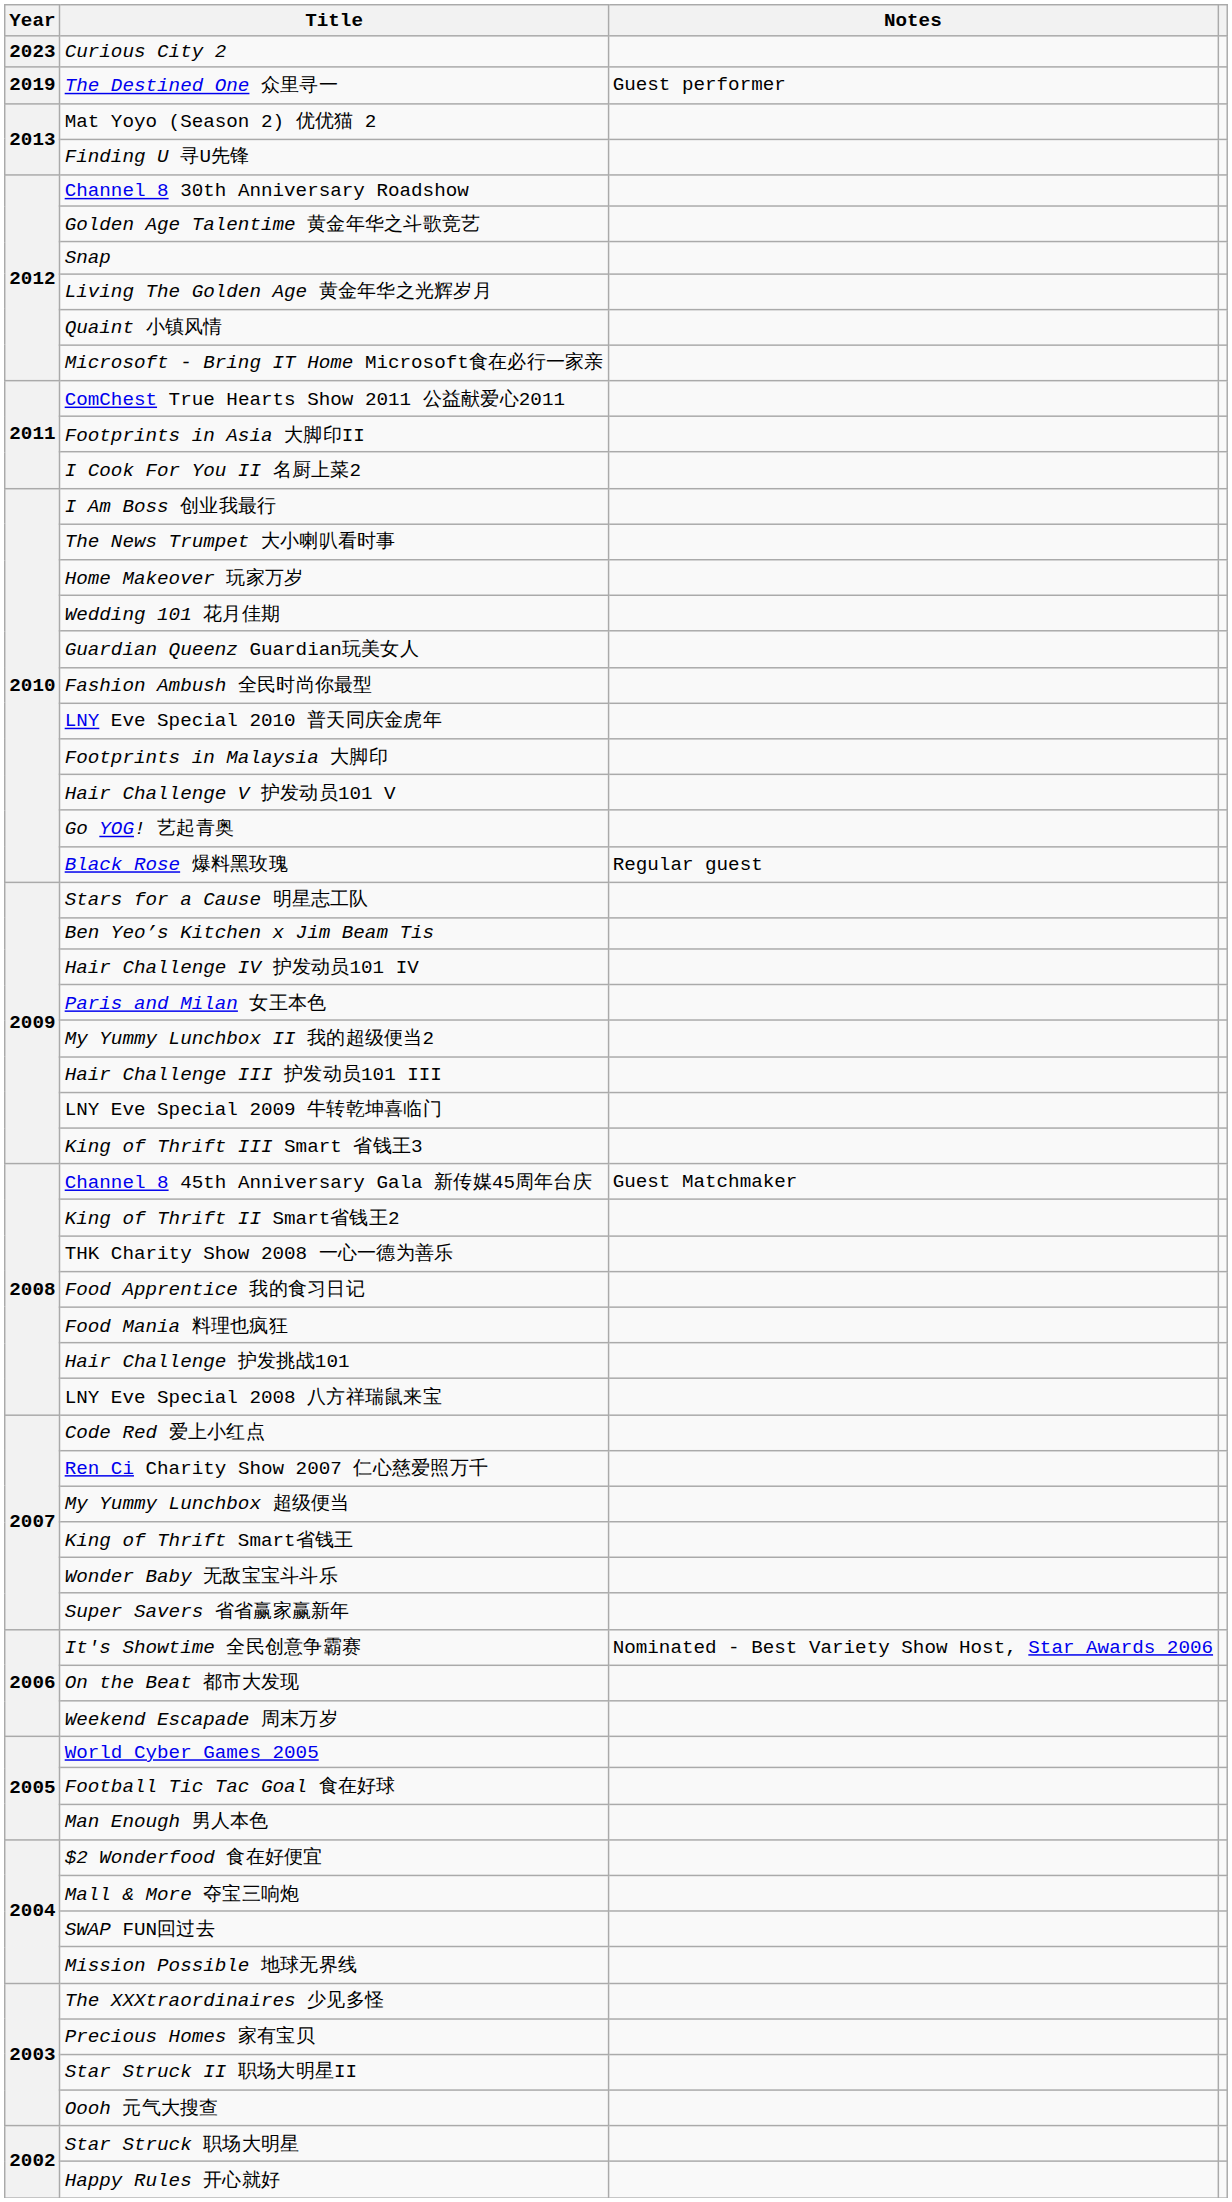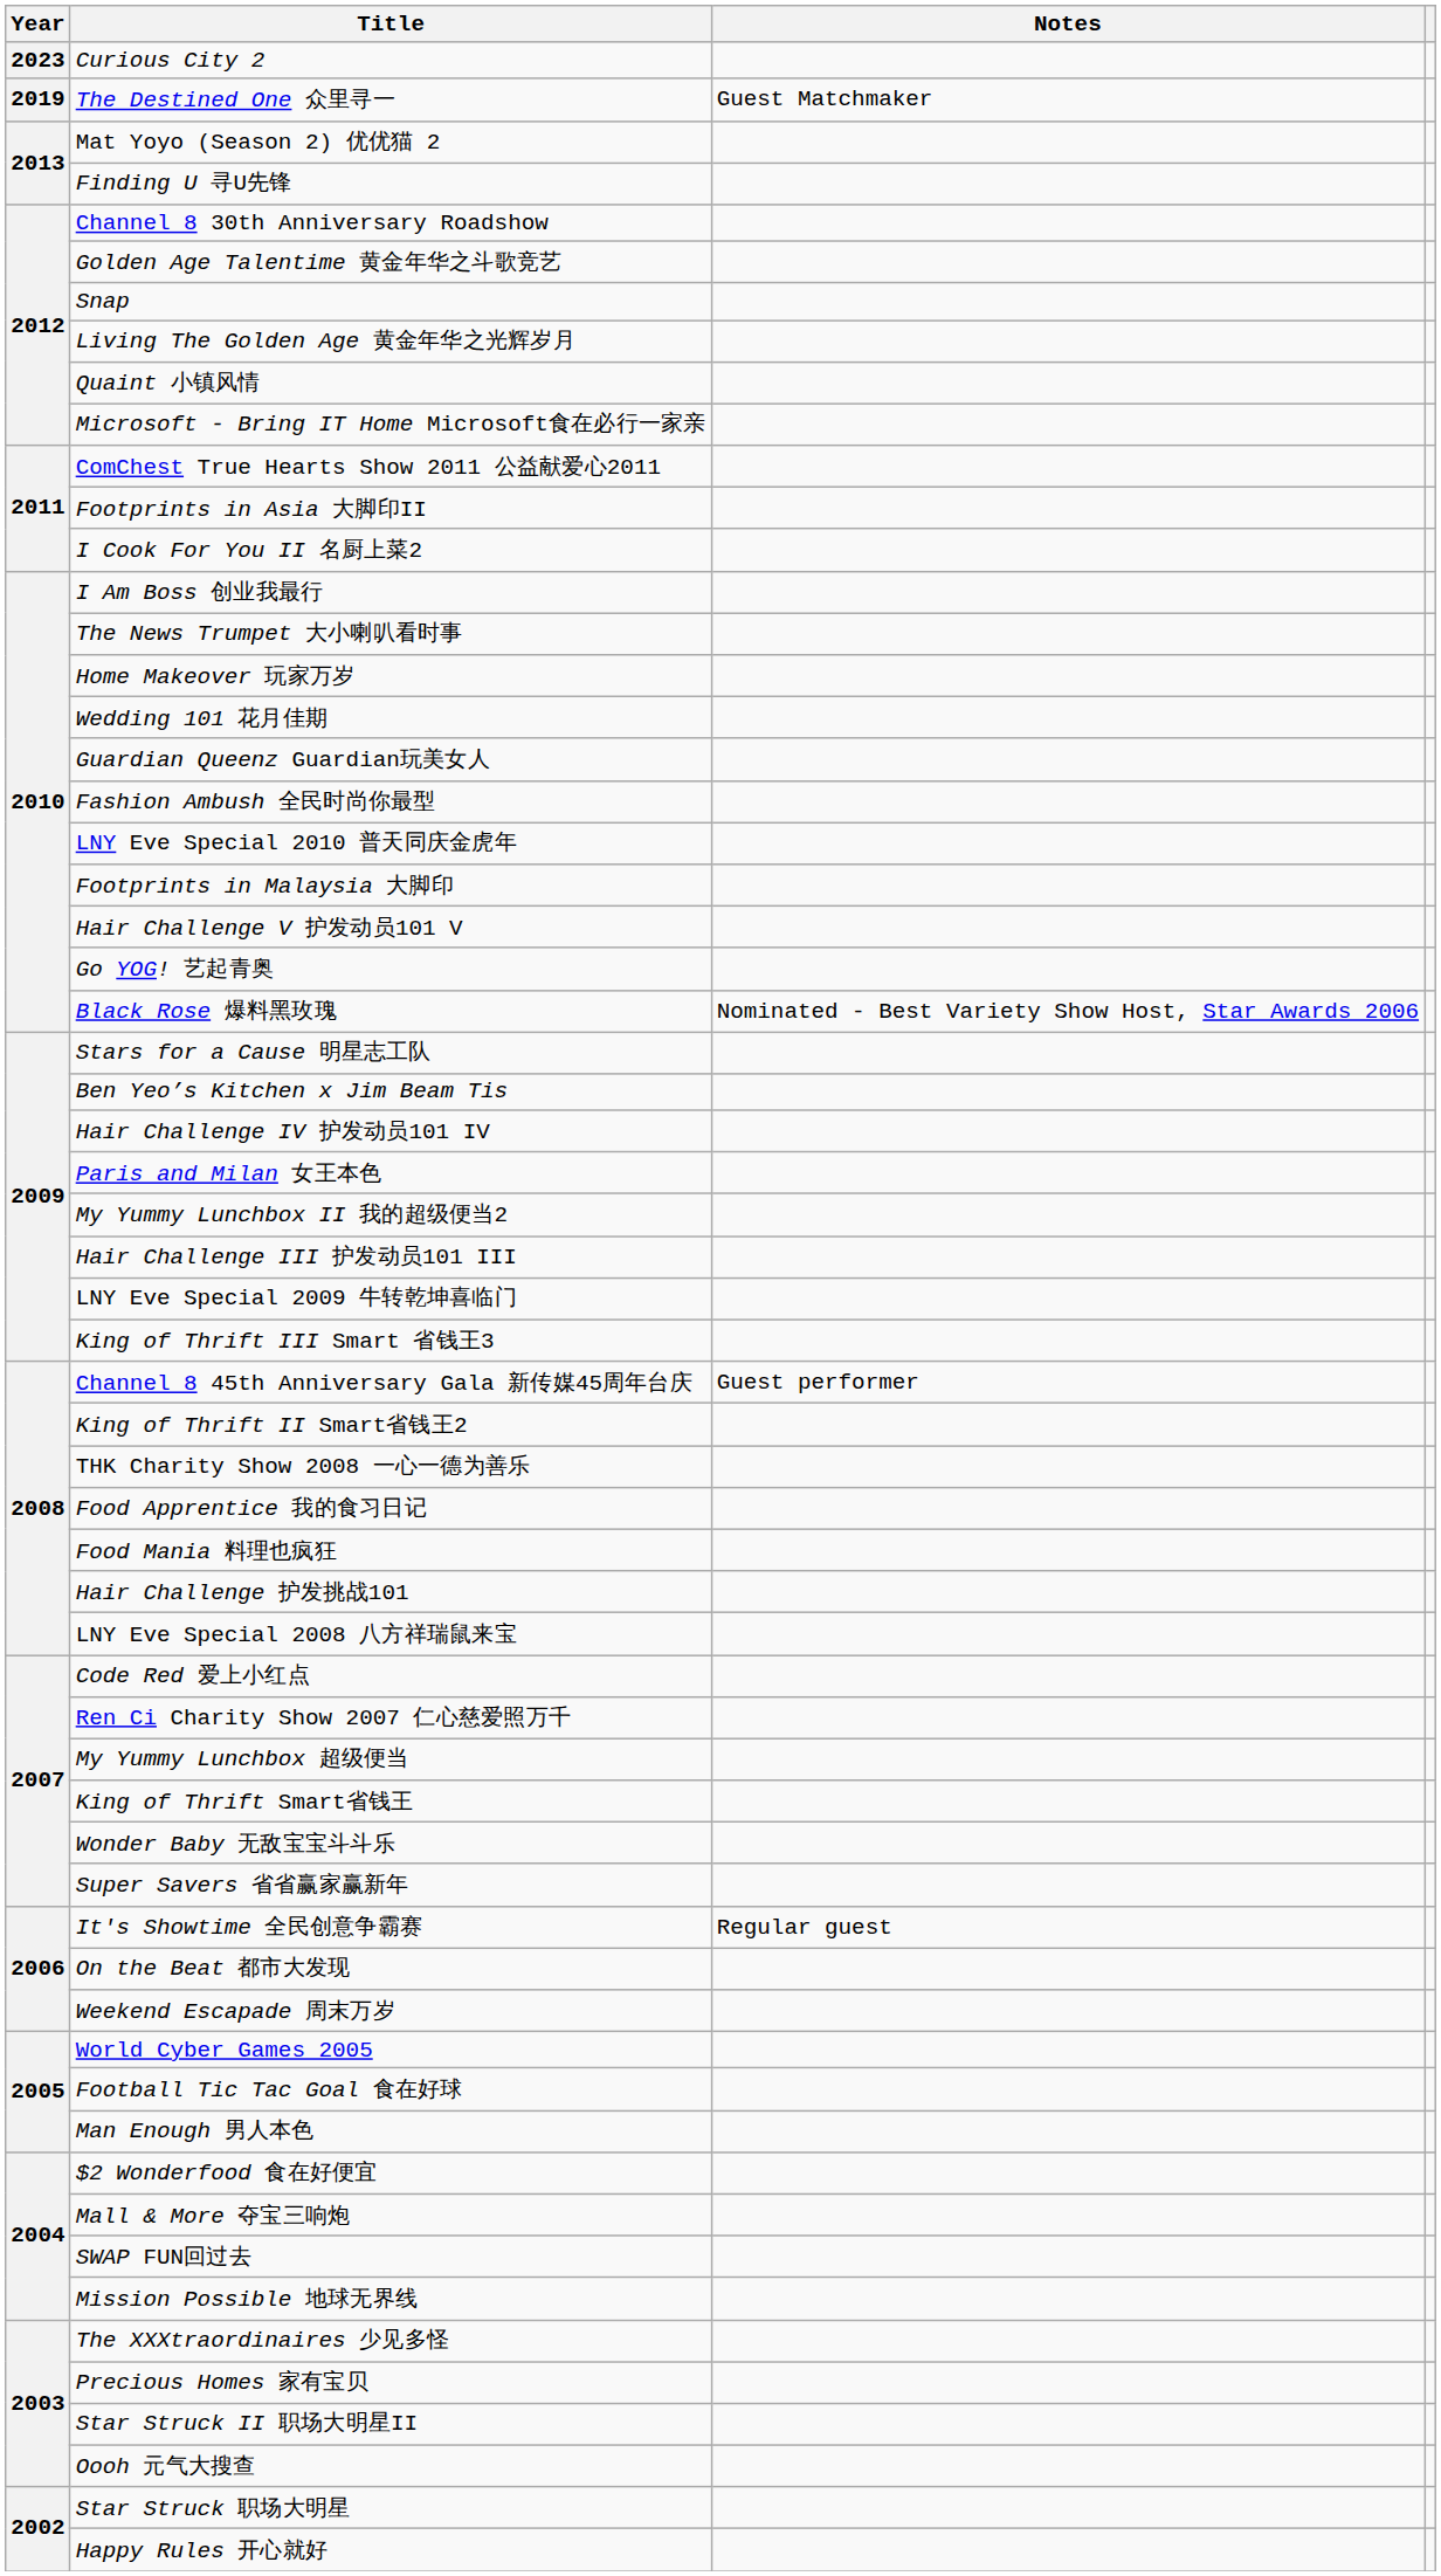 <table class="wikitable sortable plainrowheaders">
 <tr>
 <th scope="col">Year</th>
 <th scope="col">Title</th>
 <th scope="col" class="unsortable">Notes</th>
 <th scope="col" class="unsortable"></th>
 </tr>
 <tr>
 <th scope="row">2023</th>
 <td><em>Curious City 2</em></td>
 <td></td>
 </tr>
 <tr>
 <th scope="row">2019</th>
 <td><em><a href='#'>The Destined One</a></em> 众里寻一</td>
-<td>Guest performer</td>
+<td>Guest Matchmaker</td>
 <td></td>
 </tr>
 <tr>
 <th scope="row" rowspan="2">2013</th>
 <td>Mat Yoyo (Season 2) 优优猫 2</td>
 <td></td>
 <td></td>
 </tr>
 <tr>
 <td><em>Finding U</em> 寻U先锋</td>
 <td></td>
 <td></td>
 </tr>
 <tr>
 <th scope="row" rowspan="6">2012</th>
 <td><a href='#'>Channel 8</a> 30th Anniversary Roadshow</td>
 <td></td>
 <td></td>
 </tr>
 <tr>
 <td><em>Golden Age Talentime</em> 黄金年华之斗歌竞艺</td>
 <td></td>
 <td></td>
 </tr>
 <tr>
 <td><em>Snap</em></td>
 <td></td>
 <td></td>
 </tr>
 <tr>
 <td><em>Living The Golden Age</em> 黄金年华之光辉岁月</td>
 <td></td>
 <td></td>
 </tr>
 <tr>
 <td><em>Quaint</em> 小镇风情</td>
 <td></td>
 <td></td>
 </tr>
 <tr>
 <td><em>Microsoft - Bring IT Home</em> Microsoft食在必行一家亲</td>
 <td></td>
 <td></td>
 </tr>
 <tr>
 <th scope="row" rowspan="3">2011</th>
 <td><a href='#'>ComChest</a> True Hearts Show 2011 公益献爱心2011</td>
 <td></td>
 <td></td>
 </tr>
 <tr>
 <td><em>Footprints in Asia</em> 大脚印II</td>
 <td></td>
 <td></td>
 </tr>
 <tr>
 <td><em>I Cook For You II</em> 名厨上菜2</td>
 <td></td>
 <td></td>
 </tr>
 <tr>
 <th scope="row" rowspan="11">2010</th>
 <td><em>I Am Boss</em> 创业我最行</td>
 <td></td>
 <td></td>
 </tr>
 <tr>
 <td><em>The News Trumpet</em> 大小喇叭看时事</td>
 <td></td>
 <td></td>
 </tr>
 <tr>
 <td><em>Home Makeover</em> 玩家万岁</td>
 <td></td>
 <td></td>
 </tr>
 <tr>
 <td><em>Wedding 101</em> 花月佳期</td>
 <td></td>
 <td></td>
 </tr>
 <tr>
 <td><em>Guardian Queenz</em> Guardian玩美女人</td>
 <td></td>
 <td></td>
 </tr>
 <tr>
 <td><em>Fashion Ambush</em> 全民时尚你最型</td>
 <td></td>
 <td></td>
 </tr>
 <tr>
 <td><a href='#'>LNY</a> Eve Special 2010 普天同庆金虎年</td>
 <td></td>
 <td></td>
 </tr>
 <tr>
 <td><em>Footprints in Malaysia</em> 大脚印</td>
 <td></td>
 <td></td>
 </tr>
 <tr>
 <td><em>Hair Challenge V</em> 护发动员101 V</td>
 <td></td>
 <td></td>
 </tr>
 <tr>
 <td><em>Go <a href='#'>YOG</a>!</em> 艺起青奥</td>
 <td></td>
 <td></td>
 </tr>
 <tr>
 <td><em><a href='#'>Black Rose</a></em> 爆料黑玫瑰</td>
-<td>Regular guest</td>
+<td>Nominated - Best Variety Show Host, <a href='#'>Star Awards 2006</a></td>
 <td></td>
 </tr>
 <tr>
 <th scope="row" rowspan="8">2009</th>
 <td><em>Stars for a Cause</em> 明星志工队</td>
 <td></td>
 <td></td>
 </tr>
 <tr>
 <td><em>Ben Yeo’s Kitchen x Jim Beam Tis</em></td>
 <td></td>
 <td></td>
 </tr>
 <tr>
 <td><em>Hair Challenge IV</em> 护发动员101 IV</td>
 <td></td>
 <td></td>
 </tr>
 <tr>
 <td><em><a href='#'>Paris and Milan</a></em> 女王本色</td>
 <td></td>
 <td></td>
 </tr>
 <tr>
 <td><em>My Yummy Lunchbox II</em> 我的超级便当2</td>
 <td></td>
 <td></td>
 </tr>
 <tr>
 <td><em>Hair Challenge III</em> 护发动员101 III</td>
 <td></td>
 <td></td>
 </tr>
 <tr>
 <td>LNY Eve Special 2009 牛转乾坤喜临门</td>
 <td></td>
 <td></td>
 </tr>
 <tr>
 <td><em>King of Thrift III</em> Smart 省钱王3</td>
 <td></td>
 <td></td>
 </tr>
 <tr>
 <th scope="row" rowspan="7">2008</th>
 <td><a href='#'>Channel 8</a> 45th Anniversary Gala 新传媒45周年台庆</td>
-<td>Guest Matchmaker</td>
+<td>Guest performer</td>
 <td></td>
 </tr>
 <tr>
 <td><em>King of Thrift II</em> Smart省钱王2</td>
 <td></td>
 <td></td>
 </tr>
 <tr>
 <td>THK Charity Show 2008 一心一德为善乐</td>
 <td></td>
 <td></td>
 </tr>
 <tr>
 <td><em>Food Apprentice</em> 我的食习日记</td>
 <td></td>
 <td></td>
 </tr>
 <tr>
 <td><em>Food Mania</em> 料理也疯狂</td>
 <td></td>
 <td></td>
 </tr>
 <tr>
 <td><em>Hair Challenge</em> 护发挑战101</td>
 <td></td>
 <td></td>
 </tr>
 <tr>
 <td>LNY Eve Special 2008 八方祥瑞鼠来宝</td>
 <td></td>
 <td></td>
 </tr>
 <tr>
 <th scope="row" rowspan="6">2007</th>
 <td><em>Code Red</em> 爱上小红点</td>
 <td></td>
 <td></td>
 </tr>
 <tr>
 <td><a href='#'>Ren Ci</a> Charity Show 2007 仁心慈爱照万千</td>
 <td></td>
 <td></td>
 </tr>
 <tr>
 <td><em>My Yummy Lunchbox</em> 超级便当</td>
 <td></td>
 <td></td>
 </tr>
 <tr>
 <td><em>King of Thrift</em> Smart省钱王</td>
 <td></td>
 <td></td>
 </tr>
 <tr>
 <td><em>Wonder Baby</em> 无敌宝宝斗斗乐</td>
 <td></td>
 <td></td>
 </tr>
 <tr>
 <td><em>Super Savers</em> 省省赢家赢新年</td>
 <td></td>
 <td></td>
 </tr>
 <tr>
 <th scope="row" rowspan="3">2006</th>
 <td><em>It's Showtime</em> 全民创意争霸赛</td>
-<td>Nominated - Best Variety Show Host, <a href='#'>Star Awards 2006</a></td>
+<td>Regular guest</td>
 <td></td>
 </tr>
 <tr>
 <td><em>On the Beat</em> 都市大发现</td>
 <td></td>
 <td></td>
 </tr>
 <tr>
 <td><em>Weekend Escapade</em> 周末万岁</td>
 <td></td>
 <td></td>
 </tr>
 <tr>
 <th scope="row" rowspan="3">2005</th>
 <td><a href='#'>World Cyber Games 2005</a></td>
 <td></td>
 <td></td>
 </tr>
 <tr>
 <td><em>Football Tic Tac Goal</em> 食在好球</td>
 <td></td>
 <td></td>
 </tr>
 <tr>
 <td><em>Man Enough</em> 男人本色</td>
 <td></td>
 <td></td>
 </tr>
 <tr>
 <th scope="row" rowspan="4">2004</th>
 <td><em>$2 Wonderfood</em> 食在好便宜</td>
 <td></td>
 <td></td>
 </tr>
 <tr>
 <td><em>Mall & More</em> 夺宝三响炮</td>
 <td></td>
 <td></td>
 </tr>
 <tr>
 <td><em>SWAP</em> FUN回过去</td>
 <td></td>
 <td></td>
 </tr>
 <tr>
 <td><em>Mission Possible</em> 地球无界线</td>
 <td></td>
 <td></td>
 </tr>
 <tr>
 <th scope="row" rowspan="4">2003</th>
 <td><em>The XXXtraordinaires</em> 少见多怪</td>
 <td></td>
 <td></td>
 </tr>
 <tr>
 <td><em>Precious Homes</em> 家有宝贝</td>
 <td></td>
 <td></td>
 </tr>
 <tr>
 <td><em>Star Struck II</em> 职场大明星II</td>
 <td></td>
 <td></td>
 </tr>
 <tr>
 <td><em>Oooh</em> 元气大搜查</td>
 <td></td>
 <td></td>
 </tr>
 <tr>
 <th scope="row" rowspan="2">2002</th>
 <td><em>Star Struck</em> 职场大明星</td>
 <td></td>
 <td></td>
 </tr>
 <tr>
 <td><em>Happy Rules</em> 开心就好</td>
 <td></td>
 <td></td>
 </tr>
 </table>
